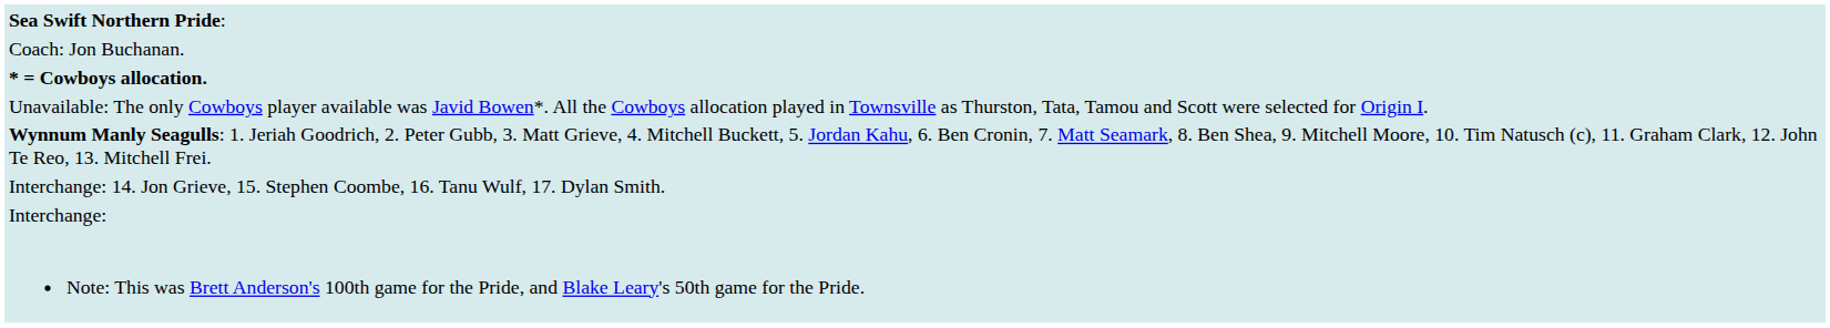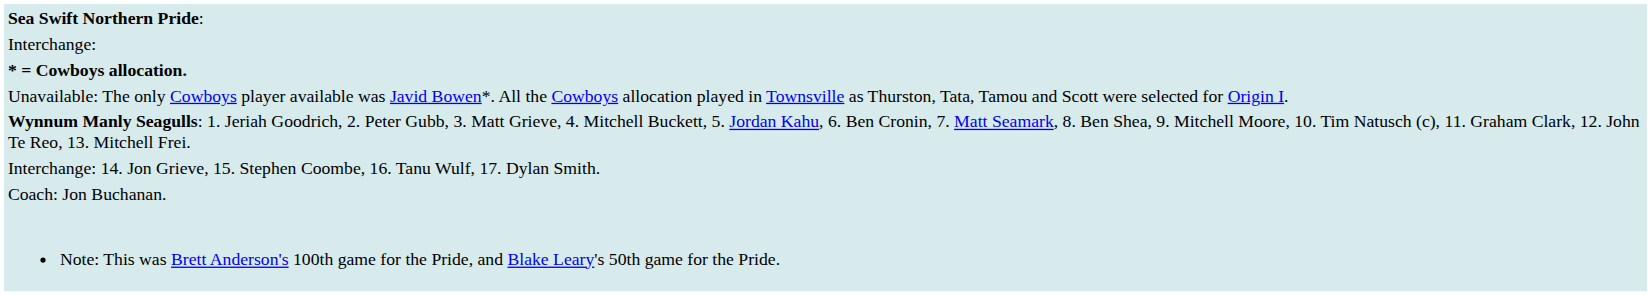 <table style="background:#d7ebed; font-size:85%; width:100%;">
 <tr>
 <td><strong>Sea Swift Northern Pride</strong>:             </td>
 </tr>
 <tr>
-<td>Coach: Jon Buchanan.</td>
+<td>Interchange:    </td>
 </tr>
 <tr>
 <td><strong>* = Cowboys allocation.</strong></td>
 </tr>
 <tr>
 <td>Unavailable: The only <a href='#'>Cowboys</a> player available was <a href='#'>Javid Bowen</a>*. All the <a href='#'>Cowboys</a> allocation played in <a href='#'>Townsville</a> as Thurston, Tata, Tamou and Scott were selected for <a href='#'>Origin I</a>.</td>
 </tr>
 <tr>
 <td><strong>Wynnum Manly Seagulls</strong>: 1. Jeriah Goodrich, 2. Peter Gubb, 3. Matt Grieve, 4. Mitchell Buckett, 5. <a href='#'>Jordan Kahu</a>, 6. Ben Cronin, 7. <a href='#'>Matt Seamark</a>, 8. Ben Shea, 9. Mitchell Moore, 10. Tim Natusch (c), 11. Graham Clark, 12. John Te Reo, 13. Mitchell Frei.</td>
 </tr>
 <tr>
 <td>Interchange: 14. Jon Grieve, 15. Stephen Coombe, 16. Tanu Wulf, 17. Dylan Smith.</td>
 </tr>
 <tr>
-<td>Interchange:    </td>
+<td>Coach: Jon Buchanan.</td>
 </tr>
 <tr>
 <td><br><ul><li>Note: This was <a href='#'>Brett Anderson's</a> 100th game for the Pride, and <a href='#'>Blake Leary</a>'s 50th game for the Pride.</li></ul></td>
 </tr>
 </table>
